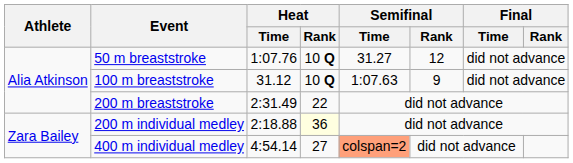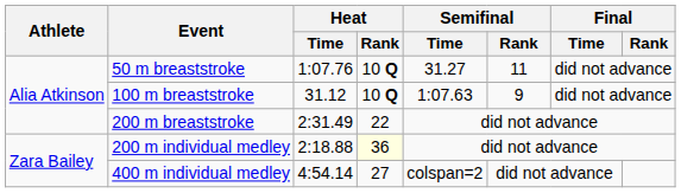 <table class=wikitable style="font-size:90%">
 <tr>
 <th rowspan="2">Athlete</th>
 <th rowspan="2">Event</th>
 <th colspan="2">Heat</th>
 <th colspan="2">Semifinal</th>
 <th colspan="2">Final</th>
 </tr>
 <tr style="font-size:95%">
 <th>Time</th>
 <th>Rank</th>
 <th>Time</th>
 <th>Rank</th>
 <th>Time</th>
 <th>Rank</th>
 </tr>
 <tr align=center>
 <td align=left rowspan=3><a href='#'>Alia Atkinson</a></td>
 <td align=left><a href='#'>50 m breaststroke</a></td>
 <td>1:07.76</td>
 <td>10 <strong>Q</strong></td>
 <td>31.27</td>
-<td>12</td>
+<td>11</td>
 <td colspan=2>did not advance</td>
 </tr>
 <tr align=center>
 <td align=left><a href='#'>100 m breaststroke</a></td>
 <td>31.12</td>
 <td>10 <strong>Q</strong></td>
 <td>1:07.63</td>
 <td>9</td>
 <td colspan=2>did not advance</td>
 </tr>
 <tr align=center>
 <td align=left><a href='#'>200 m breaststroke</a></td>
 <td>2:31.49</td>
 <td>22</td>
 <td colspan=4>did not advance</td>
 </tr>
 <tr align=center>
 <td align=left rowspan=2><a href='#'>Zara Bailey</a></td>
 <td align=left><a href='#'>200 m individual medley</a></td>
 <td>2:18.88</td>
 <td style="background: lightyellow;">36</td>
 <td colspan=4>did not advance</td>
 </tr>
 <tr align=center>
 <td align=left><a href='#'>400 m individual medley</a></td>
 <td>4:54.14</td>
 <td>27</td>
-<td style="background: lightsalmon;">colspan=2 </td>
+<td>colspan=2 </td>
 <td colspan=2>did not advance</td>
 </tr>
 </table>
